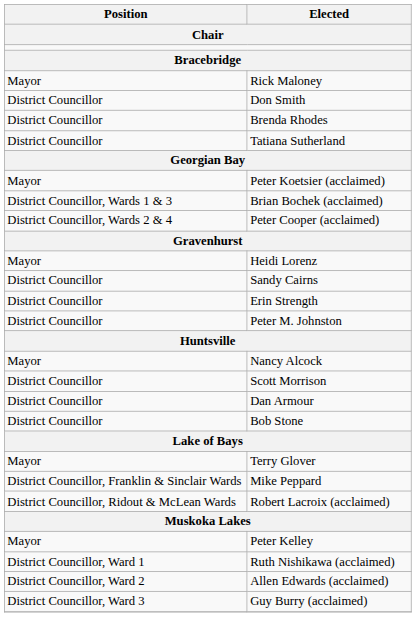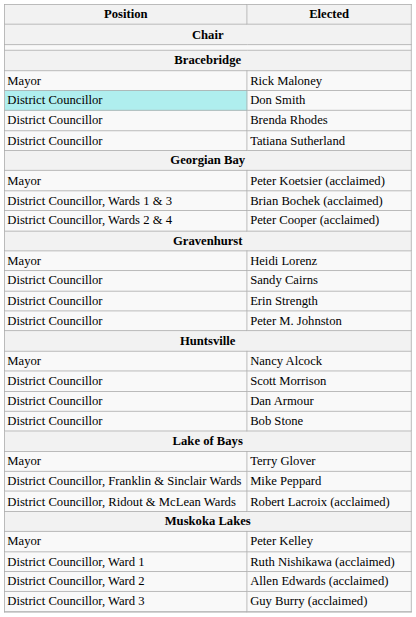 <table class="wikitable">
 <tr>
 <th bgcolor="#DDDDFF" width="300px">Position</th>
 <th bgcolor="#DDDDFF" width="200px">Elected</th>
 </tr>
 <tr>
 <th colspan="3">Chair</th>
 </tr>
 <tr>
 <td colspan="3" align="center"></td>
 </tr>
 <tr>
 <th colspan="3">Bracebridge</th>
 </tr>
 <tr>
 <td>Mayor</td>
 <td>Rick Maloney</td>
 </tr>
 <tr>
-<td>District Councillor</td>
+<td style="background: paleturquoise;">District Councillor</td>
 <td>Don Smith</td>
 </tr>
 <tr>
 <td>District Councillor</td>
 <td>Brenda Rhodes</td>
 </tr>
 <tr>
 <td>District Councillor</td>
 <td>Tatiana Sutherland</td>
 </tr>
 <tr>
 <th colspan="3">Georgian Bay</th>
 </tr>
 <tr>
 <td>Mayor</td>
 <td>Peter Koetsier (acclaimed)</td>
 </tr>
 <tr>
 <td>District Councillor, Wards 1 & 3</td>
 <td>Brian Bochek (acclaimed)</td>
 </tr>
 <tr>
 <td>District Councillor, Wards 2 & 4</td>
 <td>Peter Cooper (acclaimed)</td>
 </tr>
 <tr>
 <th colspan="3">Gravenhurst</th>
 </tr>
 <tr>
 <td>Mayor</td>
 <td>Heidi Lorenz</td>
 </tr>
 <tr>
 <td>District Councillor</td>
 <td>Sandy Cairns</td>
 </tr>
 <tr>
 <td>District Councillor</td>
 <td>Erin Strength</td>
 </tr>
 <tr>
 <td>District Councillor</td>
 <td>Peter M. Johnston</td>
 </tr>
 <tr>
 <th colspan="3">Huntsville</th>
 </tr>
 <tr>
 <td>Mayor</td>
 <td>Nancy Alcock</td>
 </tr>
 <tr>
 <td>District Councillor</td>
 <td>Scott Morrison</td>
 </tr>
 <tr>
 <td>District Councillor</td>
 <td>Dan Armour</td>
 </tr>
 <tr>
 <td>District Councillor</td>
 <td>Bob Stone</td>
 </tr>
 <tr>
 <th colspan="3">Lake of Bays</th>
 </tr>
 <tr>
 <td>Mayor</td>
 <td>Terry Glover</td>
 </tr>
 <tr>
 <td>District Councillor, Franklin & Sinclair Wards</td>
 <td>Mike Peppard</td>
 </tr>
 <tr>
 <td>District Councillor, Ridout & McLean Wards</td>
 <td>Robert Lacroix (acclaimed)</td>
 </tr>
 <tr>
 <th colspan="3">Muskoka Lakes</th>
 </tr>
 <tr>
 <td>Mayor</td>
 <td>Peter Kelley</td>
 </tr>
 <tr>
 <td>District Councillor, Ward 1</td>
 <td>Ruth Nishikawa (acclaimed)</td>
 </tr>
 <tr>
 <td>District Councillor, Ward 2</td>
 <td>Allen Edwards (acclaimed)</td>
 </tr>
 <tr>
 <td>District Councillor, Ward 3</td>
 <td>Guy Burry (acclaimed)</td>
 </tr>
 <tr>
 </tr>
 </table>
